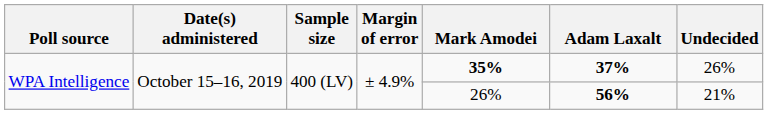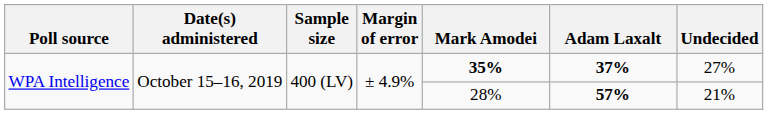 <table class="wikitable" style="font-size:90%;text-align:center;">
 <tr valign=bottom>
 <th>Poll source</th>
 <th>Date(s)<br>administered</th>
 <th>Sample<br>size</th>
 <th>Margin<br>of error</th>
 <th style="width:100px;">Mark Amodei</th>
 <th style="width:100px;">Adam Laxalt</th>
 <th>Undecided</th>
 </tr>
 <tr>
 <td rowspan=2 style="text-align:left;"><a href='#'>WPA Intelligence</a></td>
 <td rowspan=2>October 15–16, 2019</td>
 <td rowspan=2>400 (LV)</td>
 <td rowspan=2>± 4.9%</td>
 <td><strong>35%</strong></td>
 <td><strong>37%</strong></td>
-<td>26%</td>
+<td>27%</td>
 </tr>
 <tr>
-<td>26%</td>
-<td><strong>56%</strong></td>
+<td>28%</td>
+<td><strong>57%</strong></td>
 <td>21%</td>
 </tr>
 </table>
